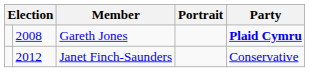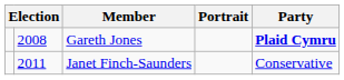 <table class="wikitable">
 <tr>
 <th colspan="2">Election</th>
 <th>Member</th>
 <th>Portrait</th>
 <th>Party</th>
 </tr>
 <tr>
 <td style="background-color: "></td>
 <td><a href='#'>2008</a></td>
 <td><a href='#'>Gareth Jones</a></td>
 <td></td>
 <td><strong><a href='#'>Plaid Cymru</a></strong></td>
 </tr>
 <tr>
 <td style="background-color: "></td>
-<td><a href='#'>2012</a></td>
+<td><a href='#'>2011</a></td>
 <td><a href='#'>Janet Finch-Saunders</a></td>
 <td></td>
 <td><a href='#'>Conservative</a></td>
 </tr>
 </table>
